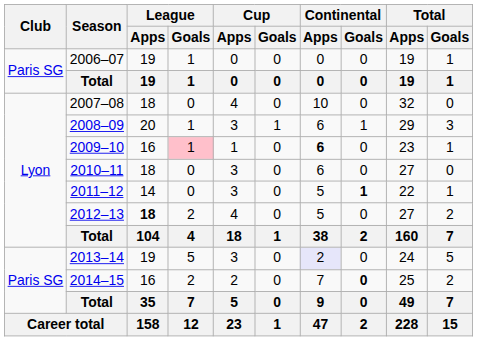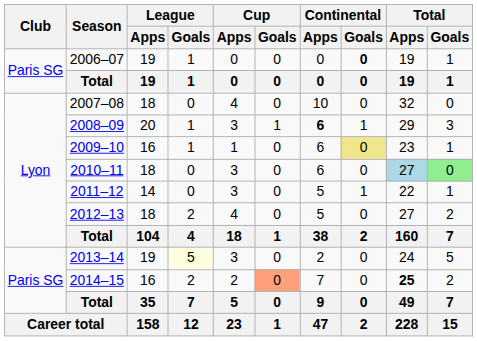 <table class="wikitable" style="text-align: center;">
 <tr>
 <th rowspan="2">Club</th>
 <th rowspan="2">Season</th>
 <th colspan="2">League</th>
 <th colspan="2">Cup</th>
 <th colspan="2">Continental</th>
 <th colspan="2">Total</th>
 </tr>
 <tr>
 <th>Apps</th>
 <th>Goals</th>
 <th>Apps</th>
 <th>Goals</th>
 <th>Apps</th>
 <th>Goals</th>
 <th>Apps</th>
 <th>Goals</th>
 </tr>
 <tr>
 <td rowspan="2" valign="center"><a href='#'>Paris SG</a></td>
 <td>2006–07</td>
 <td>19</td>
 <td>1</td>
 <td>0</td>
 <td>0</td>
 <td>0</td>
-<td>0</td>
+<td><strong>0</strong></td>
 <td>19</td>
 <td>1</td>
 </tr>
 <tr>
 <th>Total</th>
 <th>19</th>
 <th>1</th>
 <th>0</th>
 <th>0</th>
 <th>0</th>
 <th>0</th>
 <th>19</th>
 <th>1</th>
 </tr>
 <tr>
 <td rowspan="7" valign="center"><a href='#'>Lyon</a></td>
 <td>2007–08</td>
 <td>18</td>
 <td>0</td>
 <td>4</td>
 <td>0</td>
 <td>10</td>
 <td>0</td>
 <td>32</td>
 <td>0</td>
 </tr>
 <tr>
 <td><a href='#'>2008–09</a></td>
 <td>20</td>
 <td>1</td>
 <td>3</td>
 <td>1</td>
-<td>6</td>
+<td><strong>6</strong></td>
 <td>1</td>
 <td>29</td>
 <td>3</td>
 </tr>
 <tr>
 <td><a href='#'>2009–10</a></td>
 <td>16</td>
-<td style="background: pink;">1</td>
+<td>1</td>
 <td>1</td>
 <td>0</td>
-<td><strong>6</strong></td>
-<td>0</td>
+<td>6</td>
+<td style="background: khaki;">0</td>
 <td>23</td>
 <td>1</td>
 </tr>
 <tr>
 <td><a href='#'>2010–11</a></td>
 <td>18</td>
 <td>0</td>
 <td>3</td>
 <td>0</td>
 <td>6</td>
 <td>0</td>
-<td>27</td>
-<td>0</td>
+<td style="background: lightblue;">27</td>
+<td style="background: lightgreen;">0</td>
 </tr>
 <tr>
 <td><a href='#'>2011–12</a></td>
 <td>14</td>
 <td>0</td>
 <td>3</td>
 <td>0</td>
 <td>5</td>
-<td><strong>1</strong></td>
+<td>1</td>
 <td>22</td>
 <td>1</td>
 </tr>
 <tr>
 <td><a href='#'>2012–13</a></td>
-<td><strong>18</strong></td>
+<td>18</td>
 <td>2</td>
 <td>4</td>
 <td>0</td>
 <td>5</td>
 <td>0</td>
 <td>27</td>
 <td>2</td>
 </tr>
 <tr>
 <th>Total</th>
 <th>104</th>
 <th>4</th>
 <th>18</th>
 <th>1</th>
 <th>38</th>
 <th>2</th>
 <th>160</th>
 <th>7</th>
 </tr>
 <tr>
 <td rowspan="3" valign="center"><a href='#'>Paris SG</a></td>
 <td><a href='#'>2013–14</a></td>
 <td>19</td>
-<td>5</td>
+<td style="background: lightyellow;">5</td>
 <td>3</td>
 <td>0</td>
-<td style="background: lavender;">2</td>
+<td>2</td>
 <td>0</td>
 <td>24</td>
 <td>5</td>
 </tr>
 <tr>
 <td><a href='#'>2014–15</a></td>
 <td>16</td>
 <td>2</td>
 <td>2</td>
+<td style="background: lightsalmon;">0</td>
+<td>7</td>
 <td>0</td>
-<td>7</td>
-<td><strong>0</strong></td>
-<td>25</td>
+<td><strong>25</strong></td>
 <td>2</td>
 </tr>
 <tr>
 <th>Total</th>
 <th>35</th>
 <th>7</th>
 <th>5</th>
 <th>0</th>
 <th>9</th>
 <th>0</th>
 <th>49</th>
 <th>7</th>
 </tr>
 <tr>
 <th colspan="2">Career total</th>
 <th>158</th>
 <th>12</th>
 <th>23</th>
 <th>1</th>
 <th>47</th>
 <th>2</th>
 <th>228</th>
 <th>15</th>
 </tr>
 </table>
